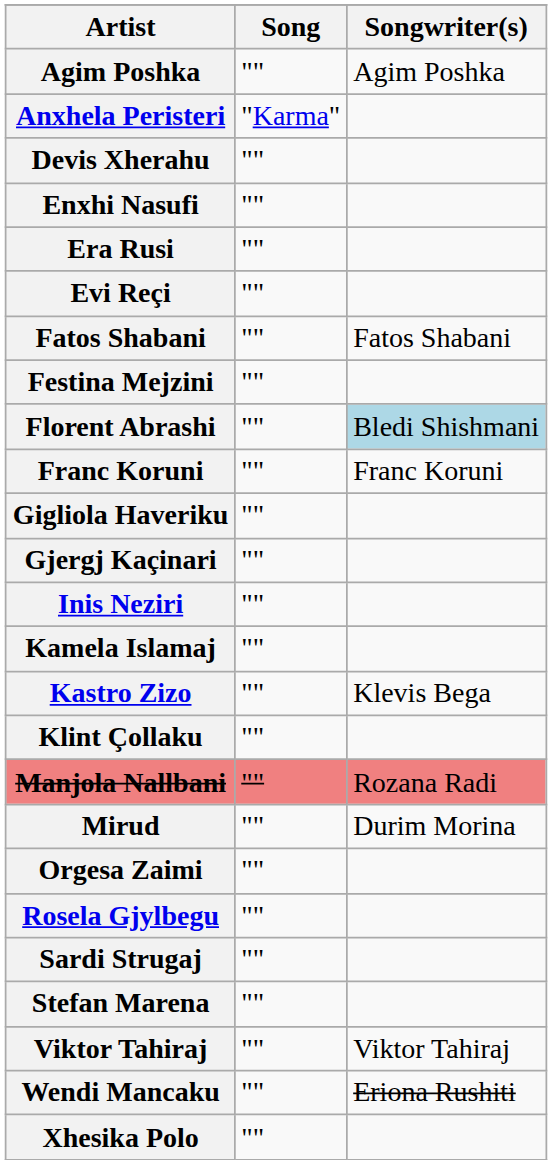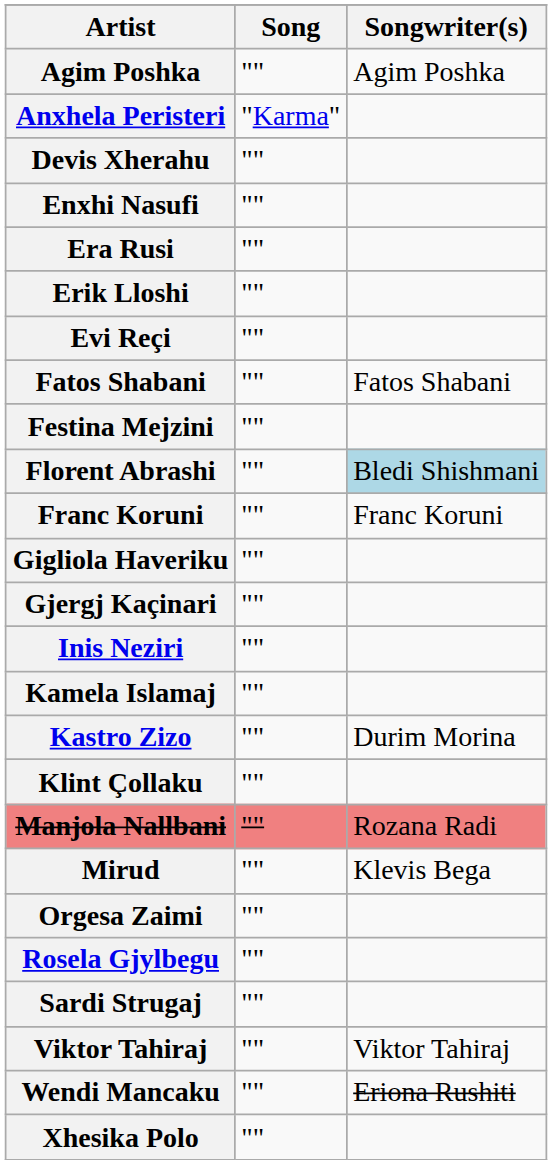 <table class="wikitable sortable plainrowheaders" style="margin: 1em auto 1em auto">
 <tr>
 </tr>
 <tr>
 <th scope="col">Artist</th>
 <th scope="col">Song</th>
 <th scope="col" class="unsortable">Songwriter(s)</th>
 </tr>
 <tr>
 <th scope="row">Agim Poshka</th>
 <td>""</td>
 <td>Agim Poshka</td>
 </tr>
 <tr>
 <th scope="row"><a href='#'>Anxhela Peristeri</a></th>
 <td>"<a href='#'>Karma</a>"</td>
 <td></td>
 </tr>
 <tr>
 <th scope="row">Devis Xherahu</th>
 <td>""</td>
 <td></td>
 </tr>
 <tr>
 <th scope="row">Enxhi Nasufi</th>
 <td>""</td>
 <td></td>
 </tr>
 <tr>
 <th scope="row">Era Rusi</th>
+<td>""</td>
+<td></td>
+</tr>
+<tr>
+<th scope="row">Erik Lloshi</th>
 <td>""</td>
 <td></td>
 </tr>
 <tr>
 <th scope="row">Evi Reçi</th>
 <td>""</td>
 <td></td>
 </tr>
 <tr>
 <th scope="row">Fatos Shabani</th>
 <td>""</td>
 <td>Fatos Shabani</td>
 </tr>
 <tr>
 <th scope="row">Festina Mejzini</th>
 <td>""</td>
 <td></td>
 </tr>
 <tr>
 <th scope="row">Florent Abrashi</th>
 <td>""</td>
 <td style="background: lightblue;">Bledi Shishmani</td>
 </tr>
 <tr>
 <th scope="row">Franc Koruni</th>
 <td>""</td>
 <td>Franc Koruni</td>
 </tr>
 <tr>
 <th scope="row">Gigliola Haveriku</th>
 <td>""</td>
 <td></td>
 </tr>
 <tr>
 <th scope="row">Gjergj Kaçinari</th>
 <td>""</td>
 <td></td>
 </tr>
 <tr>
 <th scope="row"><a href='#'>Inis Neziri</a></th>
 <td>""</td>
 <td></td>
 </tr>
 <tr>
 <th scope="row">Kamela Islamaj</th>
 <td>""</td>
 <td></td>
 </tr>
 <tr>
 <th scope="row"><a href='#'>Kastro Zizo</a></th>
 <td>""</td>
-<td>Klevis Bega</td>
+<td>Durim Morina</td>
 </tr>
 <tr>
 <th scope="row">Klint Çollaku</th>
 <td>""</td>
 <td></td>
 </tr>
 <tr style="background:#F08080">
 <th scope="row" style="background:#F08080"><del>Manjola Nallbani</del></th>
 <td style="text-decoration: line-through;">""</td>
 <td>Rozana Radi</td>
 </tr>
 <tr>
 <th scope="row">Mirud</th>
 <td>""</td>
-<td>Durim Morina</td>
+<td>Klevis Bega</td>
 </tr>
 <tr>
 <th scope="row">Orgesa Zaimi</th>
 <td>""</td>
 <td></td>
 </tr>
 <tr>
 <th scope="row"><a href='#'>Rosela Gjylbegu</a></th>
 <td>""</td>
 <td></td>
 </tr>
 <tr>
 <th scope="row">Sardi Strugaj</th>
-<td>""</td>
-<td></td>
-</tr>
-<tr>
-<th scope="row">Stefan Marena</th>
 <td>""</td>
 <td></td>
 </tr>
 <tr>
 <th scope="row">Viktor Tahiraj</th>
 <td>""</td>
 <td>Viktor Tahiraj</td>
 </tr>
 <tr>
 <th scope="row">Wendi Mancaku</th>
 <td>""</td>
 <td style="text-decoration: line-through;">Eriona Rushiti</td>
 </tr>
 <tr>
 <th scope="row">Xhesika Polo</th>
 <td>""</td>
 <td></td>
 </tr>
 </table>
